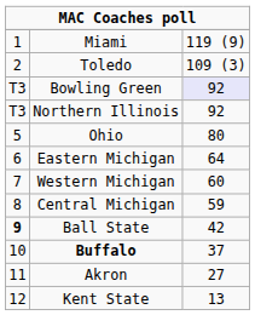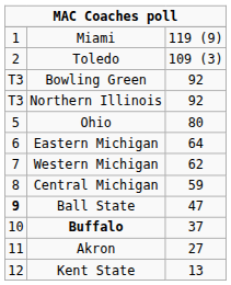 <table class="wikitable" style="display: inline-table;">
 <tr align="center">
 <td align="center" Colspan="3"><strong>MAC Coaches poll</strong></td>
 </tr>
 <tr align="center">
 </tr>
 <tr align="center">
 <td>1</td>
 <td>Miami</td>
 <td>119 (9)</td>
 </tr>
 <tr align="center">
 <td>2</td>
 <td>Toledo</td>
 <td>109 (3)</td>
 </tr>
 <tr align="center">
 <td>T3</td>
 <td>Bowling Green</td>
-<td style="background: lavender;">92</td>
+<td>92</td>
 </tr>
 <tr align="center">
 <td>T3</td>
 <td>Northern Illinois</td>
 <td>92</td>
 </tr>
 <tr align="center">
 <td>5</td>
 <td>Ohio</td>
 <td>80</td>
 </tr>
 <tr align="center">
 <td>6</td>
 <td>Eastern Michigan</td>
 <td>64</td>
 </tr>
 <tr align="center">
 <td>7</td>
 <td>Western Michigan</td>
-<td>60</td>
+<td>62</td>
 </tr>
 <tr align="center">
 <td>8</td>
 <td>Central Michigan</td>
 <td>59</td>
 </tr>
 <tr align="center">
 <td><strong>9</strong></td>
 <td>Ball State</td>
-<td>42</td>
+<td>47</td>
 </tr>
 <tr align="center">
 <td>10</td>
 <td><strong>Buffalo</strong></td>
 <td>37</td>
 </tr>
 <tr align="center">
 <td>11</td>
 <td>Akron</td>
 <td>27</td>
 </tr>
 <tr align="center">
 <td>12</td>
 <td>Kent State</td>
 <td>13</td>
 </tr>
 </table>
